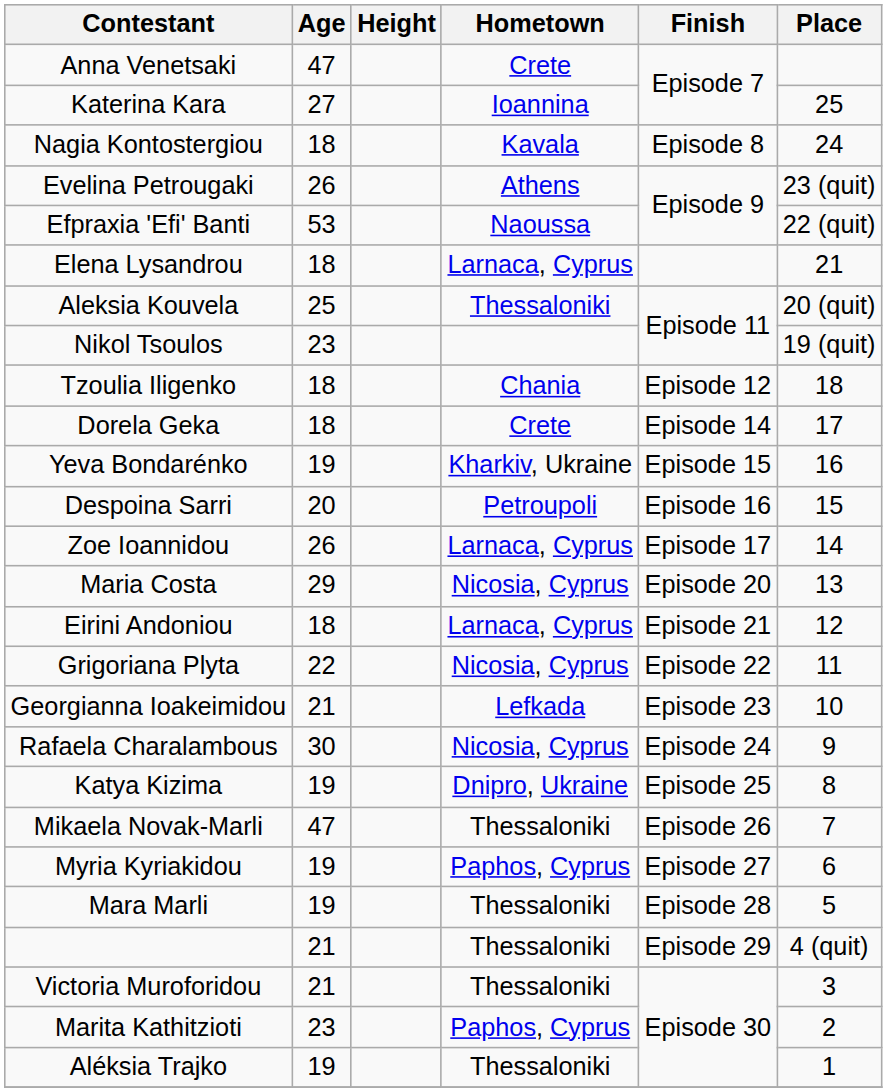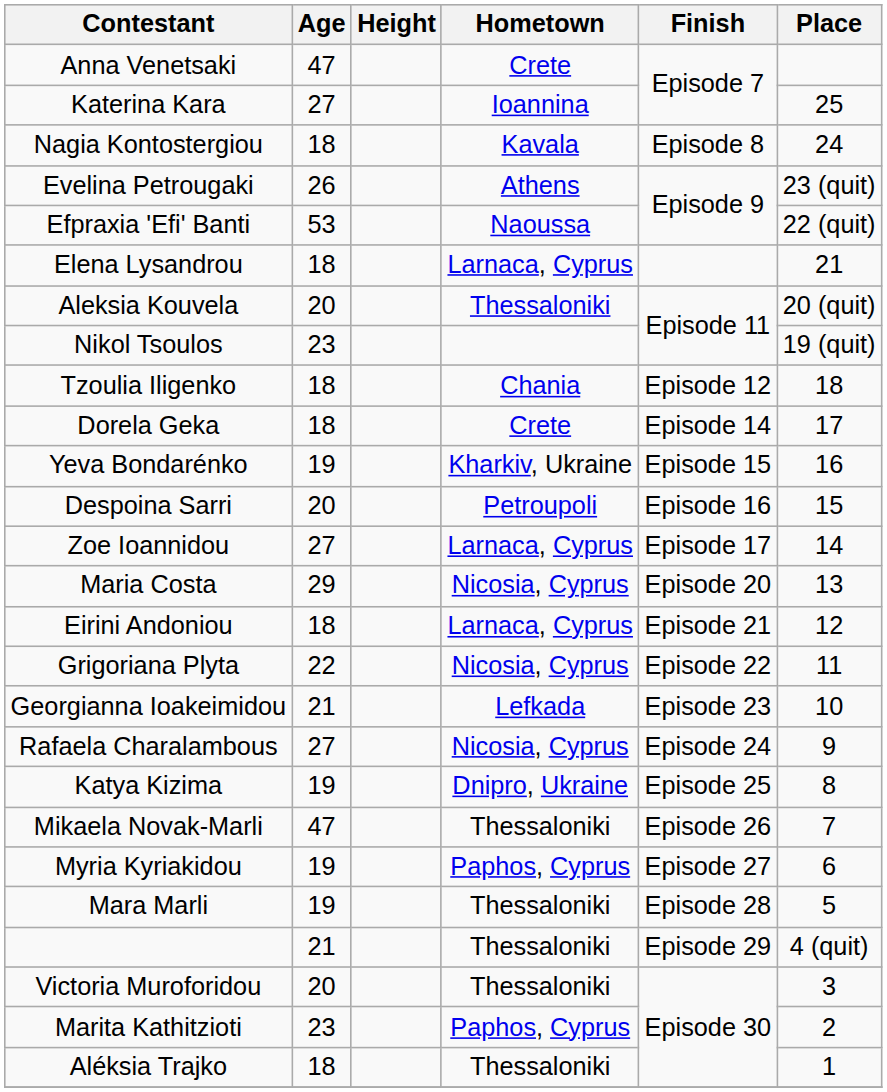 <table class="wikitable sortable" style="text-align:center;">
 <tr>
 <th>Contestant</th>
 <th>Age</th>
 <th>Height</th>
 <th>Hometown</th>
 <th>Finish</th>
 <th>Place</th>
 </tr>
 <tr>
 <td>Anna Venetsaki</td>
 <td>47</td>
 <td></td>
 <td><a href='#'>Crete</a></td>
 <td rowspan="2">Episode 7</td>
 <td></td>
 </tr>
 <tr>
 <td>Katerina Kara</td>
 <td>27</td>
 <td></td>
 <td><a href='#'>Ioannina</a></td>
 <td>25</td>
 </tr>
 <tr>
 <td>Nagia Kontostergiou</td>
 <td>18</td>
 <td></td>
 <td><a href='#'>Kavala</a></td>
 <td>Episode 8</td>
 <td>24</td>
 </tr>
 <tr>
 <td>Evelina Petrougaki</td>
 <td>26</td>
 <td></td>
 <td><a href='#'>Athens</a></td>
 <td rowspan="2">Episode 9</td>
 <td>23 (quit)</td>
 </tr>
 <tr>
 <td>Efpraxia 'Efi' Banti</td>
 <td>53</td>
 <td></td>
 <td><a href='#'>Naoussa</a></td>
 <td>22 (quit)</td>
 </tr>
 <tr>
 <td>Elena Lysandrou</td>
 <td>18</td>
 <td></td>
 <td><a href='#'>Larnaca</a>, <a href='#'>Cyprus</a></td>
 <td></td>
 <td>21</td>
 </tr>
 <tr>
 <td>Aleksia Kouvela</td>
-<td>25</td>
+<td>20</td>
 <td></td>
 <td><a href='#'>Thessaloniki</a></td>
 <td rowspan="2">Episode 11</td>
 <td>20 (quit)</td>
 </tr>
 <tr>
 <td>Nikol Tsoulos</td>
 <td>23</td>
 <td></td>
 <td></td>
 <td>19 (quit)</td>
 </tr>
 <tr>
 <td>Tzoulia Iligenko</td>
 <td>18</td>
 <td></td>
 <td><a href='#'>Chania</a></td>
 <td>Episode 12</td>
 <td>18</td>
 </tr>
 <tr>
 <td>Dorela Geka</td>
 <td>18</td>
 <td></td>
 <td><a href='#'>Crete</a></td>
 <td>Episode 14</td>
 <td>17</td>
 </tr>
 <tr>
 <td>Yeva Bondarénko</td>
 <td>19</td>
 <td></td>
 <td><a href='#'>Kharkiv</a>, Ukraine</td>
 <td>Episode 15</td>
 <td>16</td>
 </tr>
 <tr>
 <td>Despoina Sarri</td>
 <td>20</td>
 <td></td>
 <td><a href='#'>Petroupoli</a></td>
 <td>Episode 16</td>
 <td>15</td>
 </tr>
 <tr>
 <td>Zoe Ioannidou</td>
-<td>26</td>
+<td>27</td>
 <td></td>
 <td><a href='#'>Larnaca</a>, <a href='#'>Cyprus</a></td>
 <td>Episode 17</td>
 <td>14</td>
 </tr>
 <tr>
 <td>Maria Costa</td>
 <td>29</td>
 <td></td>
 <td><a href='#'>Nicosia</a>, <a href='#'>Cyprus</a></td>
 <td>Episode 20</td>
 <td>13</td>
 </tr>
 <tr>
 <td>Eirini Andoniou</td>
 <td>18</td>
 <td></td>
 <td><a href='#'>Larnaca</a>, <a href='#'>Cyprus</a></td>
 <td>Episode 21</td>
 <td>12</td>
 </tr>
 <tr>
 <td>Grigoriana Plyta</td>
 <td>22</td>
 <td></td>
 <td><a href='#'>Nicosia</a>, <a href='#'>Cyprus</a></td>
 <td>Episode 22</td>
 <td>11</td>
 </tr>
 <tr>
 <td>Georgianna Ioakeimidou</td>
 <td>21</td>
 <td></td>
 <td><a href='#'>Lefkada</a></td>
 <td>Episode 23</td>
 <td>10</td>
 </tr>
 <tr>
 <td>Rafaela Charalambous</td>
-<td>30</td>
+<td>27</td>
 <td></td>
 <td><a href='#'>Nicosia</a>, <a href='#'>Cyprus</a></td>
 <td>Episode 24</td>
 <td>9</td>
 </tr>
 <tr>
 <td>Katya Kizima</td>
 <td>19</td>
 <td></td>
 <td><a href='#'>Dnipro</a>, <a href='#'>Ukraine</a></td>
 <td>Episode 25</td>
 <td>8</td>
 </tr>
 <tr>
 <td>Mikaela Novak-Marli</td>
 <td>47</td>
 <td></td>
 <td>Thessaloniki</td>
 <td>Episode 26</td>
 <td>7</td>
 </tr>
 <tr>
 <td>Myria Kyriakidou</td>
 <td>19</td>
 <td></td>
 <td><a href='#'>Paphos</a>, <a href='#'>Cyprus</a></td>
 <td>Episode 27</td>
 <td>6</td>
 </tr>
 <tr>
 <td>Mara Marli</td>
 <td>19</td>
 <td></td>
 <td>Thessaloniki</td>
 <td>Episode 28</td>
 <td>5</td>
 </tr>
 <tr>
 <td></td>
 <td>21</td>
 <td></td>
 <td>Thessaloniki</td>
 <td>Episode 29</td>
 <td>4 (quit)</td>
 </tr>
 <tr>
 <td>Victoria Muroforidou</td>
-<td>21</td>
+<td>20</td>
 <td></td>
 <td>Thessaloniki</td>
 <td rowspan="3">Episode 30</td>
 <td>3</td>
 </tr>
 <tr>
 <td>Marita Kathitzioti</td>
 <td>23</td>
 <td></td>
 <td><a href='#'>Paphos</a>, <a href='#'>Cyprus</a></td>
 <td>2</td>
 </tr>
 <tr>
 <td>Aléksia Trajko</td>
-<td>19</td>
+<td>18</td>
 <td></td>
 <td>Thessaloniki</td>
 <td>1</td>
 </tr>
 <tr>
 </tr>
 </table>
